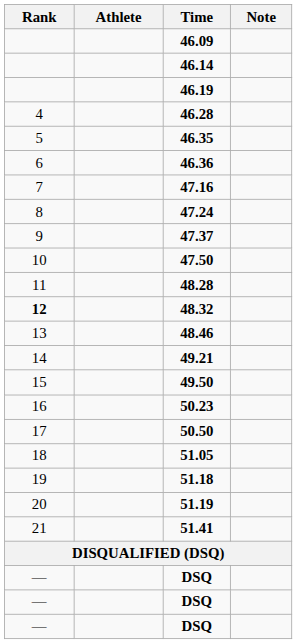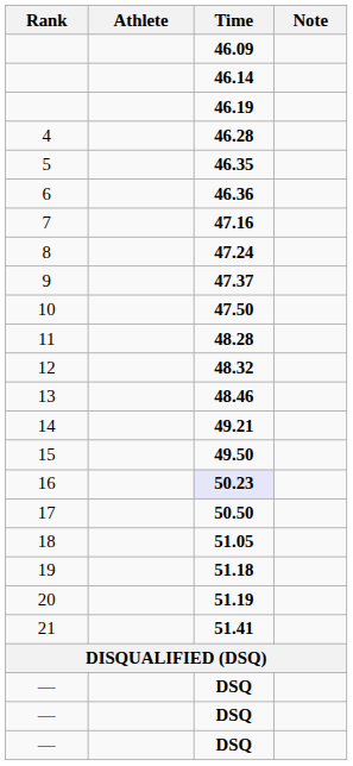 <table class="wikitable" style=" text-align:center; font-size:110%;" width="55%">
 <tr>
 <th>Rank</th>
 <th>Athlete</th>
 <th>Time</th>
 <th>Note</th>
 </tr>
 <tr>
 <td></td>
 <td align=left></td>
 <td><strong>46.09</strong></td>
 <td></td>
 </tr>
 <tr>
 <td></td>
 <td align=left></td>
 <td><strong>46.14</strong></td>
 <td></td>
 </tr>
 <tr>
 <td></td>
 <td align=left></td>
 <td><strong>46.19</strong></td>
 <td></td>
 </tr>
 <tr>
 <td>4</td>
 <td align=left></td>
 <td><strong>46.28</strong></td>
 <td></td>
 </tr>
 <tr>
 <td>5</td>
 <td align=left></td>
 <td><strong>46.35</strong></td>
 <td></td>
 </tr>
 <tr>
 <td>6</td>
 <td align=left></td>
 <td><strong>46.36</strong></td>
 <td></td>
 </tr>
 <tr>
 <td>7</td>
 <td align=left></td>
 <td><strong>47.16</strong></td>
 <td></td>
 </tr>
 <tr>
 <td>8</td>
 <td align=left></td>
 <td><strong>47.24</strong></td>
 <td></td>
 </tr>
 <tr>
 <td>9</td>
 <td align=left></td>
 <td><strong>47.37</strong></td>
 <td></td>
 </tr>
 <tr>
 <td>10</td>
 <td align=left></td>
 <td><strong>47.50</strong></td>
 <td></td>
 </tr>
 <tr>
 <td>11</td>
 <td align=left></td>
 <td><strong>48.28</strong></td>
 <td></td>
 </tr>
 <tr>
-<td><strong>12</strong></td>
+<td>12</td>
 <td align=left></td>
 <td><strong>48.32</strong></td>
 <td></td>
 </tr>
 <tr>
 <td>13</td>
 <td align=left></td>
 <td><strong>48.46</strong></td>
 <td></td>
 </tr>
 <tr>
 <td>14</td>
 <td align=left></td>
 <td><strong>49.21</strong></td>
 <td></td>
 </tr>
 <tr>
 <td>15</td>
 <td align=left></td>
 <td><strong>49.50</strong></td>
 <td></td>
 </tr>
 <tr>
 <td>16</td>
 <td align=left></td>
-<td><strong>50.23</strong></td>
+<td style="background: lavender;"><strong>50.23</strong></td>
 <td></td>
 </tr>
 <tr>
 <td>17</td>
 <td align=left></td>
 <td><strong>50.50</strong></td>
 <td></td>
 </tr>
 <tr>
 <td>18</td>
 <td align=left></td>
 <td><strong>51.05</strong></td>
 <td></td>
 </tr>
 <tr>
 <td>19</td>
 <td align=left></td>
 <td><strong>51.18</strong></td>
 <td></td>
 </tr>
 <tr>
 <td>20</td>
 <td align=left></td>
 <td><strong>51.19</strong></td>
 <td></td>
 </tr>
 <tr>
 <td>21</td>
 <td align=left></td>
 <td><strong>51.41</strong></td>
 <td></td>
 </tr>
 <tr>
 <th colspan="4">DISQUALIFIED (DSQ)</th>
 </tr>
 <tr>
 <td>—</td>
 <td align=left></td>
 <td><strong>DSQ</strong></td>
 <td></td>
 </tr>
 <tr>
 <td>—</td>
 <td align=left></td>
 <td><strong>DSQ</strong></td>
 <td></td>
 </tr>
 <tr>
 <td>—</td>
 <td align=left></td>
 <td><strong>DSQ</strong></td>
 <td></td>
 </tr>
 </table>
